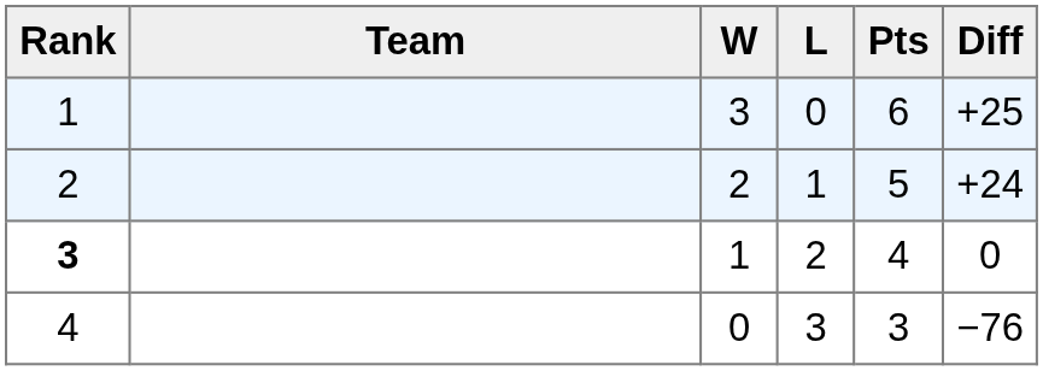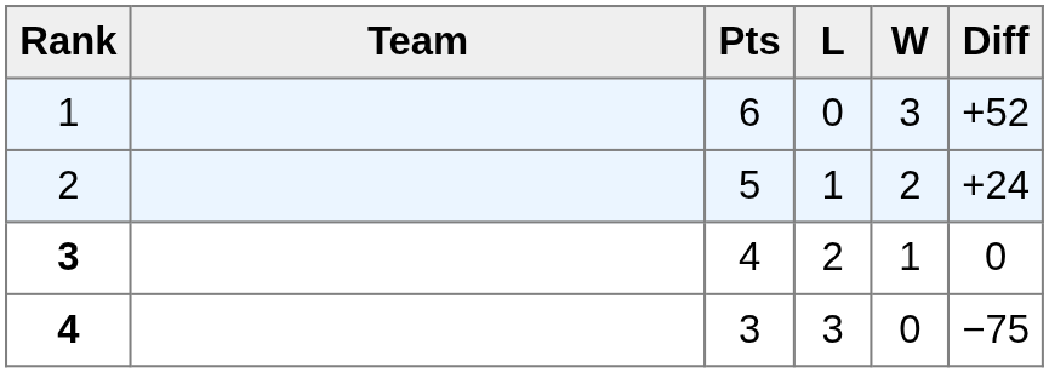 <table style=border-collapse:collapse border=1 cellspacing=0 cellpadding=5>
 <tr align=center bgcolor=#efefef>
 <th width=20>Rank</th>
 <th width=220>Team</th>
+<th width=20>Pts</th>
+<th width=20>L</th>
 <th width=20>W</th>
-<th width=20>L</th>
-<th width=20>Pts</th>
 <th width=25>Diff</th>
 </tr>
 <tr align=center bgcolor=#EBF5FF>
 <td>1</td>
 <td align=left></td>
+<td>6</td>
+<td>0</td>
 <td>3</td>
-<td>0</td>
-<td>6</td>
-<td>+25</td>
+<td>+52</td>
 </tr>
 <tr align=center bgcolor=#EBF5FF>
 <td>2</td>
 <td align=left></td>
+<td>5</td>
+<td>1</td>
 <td>2</td>
-<td>1</td>
-<td>5</td>
 <td>+24</td>
 </tr>
 <tr align=center>
 <td><strong>3</strong></td>
 <td align=left></td>
+<td>4</td>
+<td>2</td>
 <td>1</td>
-<td>2</td>
-<td>4</td>
 <td>0</td>
 </tr>
 <tr align=center>
-<td>4</td>
+<td><strong>4</strong></td>
 <td align=left></td>
-<td>0</td>
 <td>3</td>
 <td>3</td>
-<td>−76</td>
+<td>0</td>
+<td>−75</td>
 </tr>
 </table>
